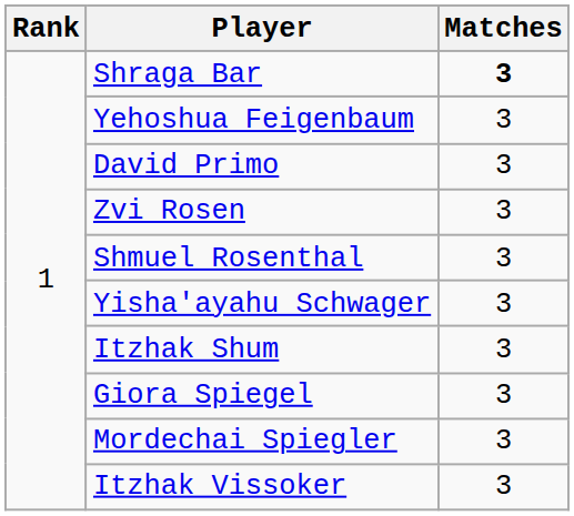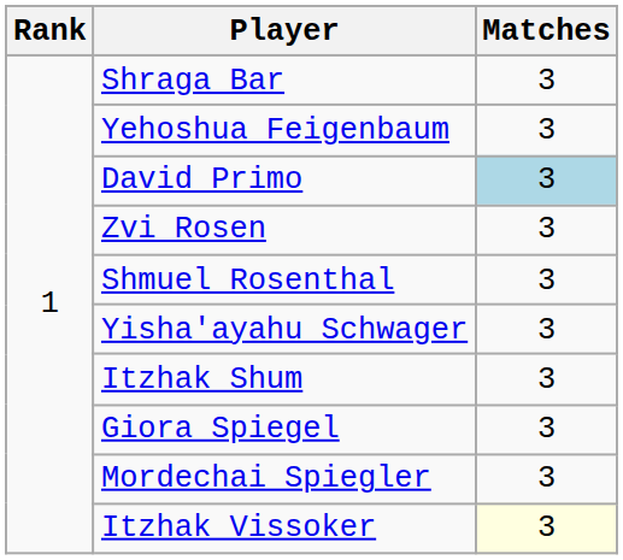 <table class="wikitable" style="text-align: left;">
 <tr>
 <th>Rank</th>
 <th>Player</th>
 <th>Matches</th>
 </tr>
 <tr>
 <td rowspan=10 align=center>1</td>
 <td><a href='#'>Shraga Bar</a></td>
-<td align=center><strong>3</strong></td>
+<td align=center>3</td>
 </tr>
 <tr>
 <td><a href='#'>Yehoshua Feigenbaum</a></td>
 <td align=center>3</td>
 </tr>
 <tr>
 <td><a href='#'>David Primo</a></td>
-<td align=center>3</td>
+<td align=center style="background: lightblue;">3</td>
 </tr>
 <tr>
 <td><a href='#'>Zvi Rosen</a></td>
 <td align=center>3</td>
 </tr>
 <tr>
 <td><a href='#'>Shmuel Rosenthal</a></td>
 <td align=center>3</td>
 </tr>
 <tr>
 <td><a href='#'>Yisha'ayahu Schwager</a></td>
 <td align=center>3</td>
 </tr>
 <tr>
 <td><a href='#'>Itzhak Shum</a></td>
 <td align=center>3</td>
 </tr>
 <tr>
 <td><a href='#'>Giora Spiegel</a></td>
 <td align=center>3</td>
 </tr>
 <tr>
 <td><a href='#'>Mordechai Spiegler</a></td>
 <td align=center>3</td>
 </tr>
 <tr>
 <td><a href='#'>Itzhak Vissoker</a></td>
-<td align=center>3</td>
+<td align=center style="background: lightyellow;">3</td>
 </tr>
 </table>
